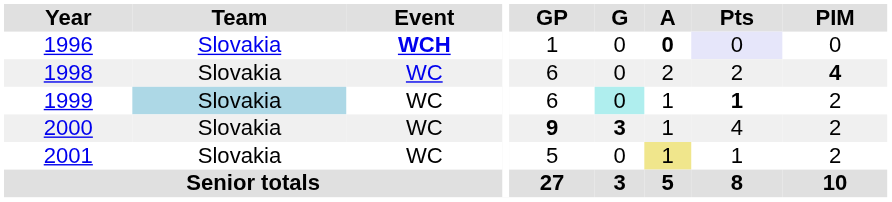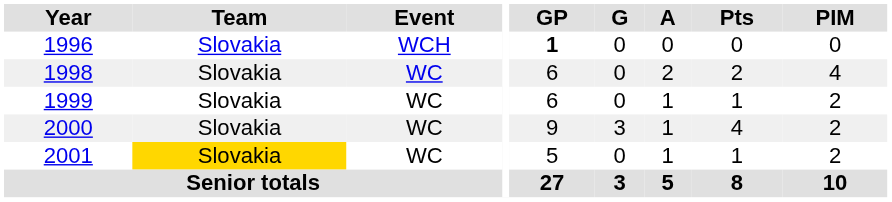 <table border="0" cellpadding="1" cellspacing="0" ID="Table3" style="text-align:center; width:40em">
 <tr bgcolor="#e0e0e0">
 <th>Year</th>
 <th>Team</th>
 <th>Event</th>
 <th rowspan="102" bgcolor="#ffffff"></th>
 <th>GP</th>
 <th>G</th>
 <th>A</th>
 <th>Pts</th>
 <th>PIM</th>
 </tr>
 <tr>
 <td><a href='#'>1996</a></td>
 <td><a href='#'>Slovakia</a></td>
-<td><strong><a href='#'>WCH</a></strong></td>
-<td>1</td>
+<td><a href='#'>WCH</a></td>
+<td><strong>1</strong></td>
 <td>0</td>
-<td><strong>0</strong></td>
-<td style="background: lavender;">0</td>
+<td>0</td>
+<td>0</td>
 <td>0</td>
 </tr>
 <tr bgcolor="#f0f0f0">
 <td><a href='#'>1998</a></td>
 <td>Slovakia</td>
 <td><a href='#'>WC</a></td>
 <td>6</td>
 <td>0</td>
 <td>2</td>
 <td>2</td>
-<td><strong>4</strong></td>
+<td>4</td>
 </tr>
 <tr>
 <td><a href='#'>1999</a></td>
-<td style="background: lightblue;">Slovakia</td>
+<td>Slovakia</td>
 <td>WC</td>
 <td>6</td>
-<td style="background: paleturquoise;">0</td>
+<td>0</td>
 <td>1</td>
-<td><strong>1</strong></td>
+<td>1</td>
 <td>2</td>
 </tr>
 <tr bgcolor="#f0f0f0">
 <td><a href='#'>2000</a></td>
 <td>Slovakia</td>
 <td>WC</td>
-<td><strong>9</strong></td>
-<td><strong>3</strong></td>
+<td>9</td>
+<td>3</td>
 <td>1</td>
 <td>4</td>
 <td>2</td>
 </tr>
 <tr>
 <td><a href='#'>2001</a></td>
-<td>Slovakia</td>
+<td style="background: gold;">Slovakia</td>
 <td>WC</td>
 <td>5</td>
 <td>0</td>
-<td style="background: khaki;">1</td>
+<td>1</td>
 <td>1</td>
 <td>2</td>
 </tr>
 <tr bgcolor="#e0e0e0">
 <th colspan="3">Senior totals</th>
 <th>27</th>
 <th>3</th>
 <th>5</th>
 <th>8</th>
 <th>10</th>
 </tr>
 </table>
